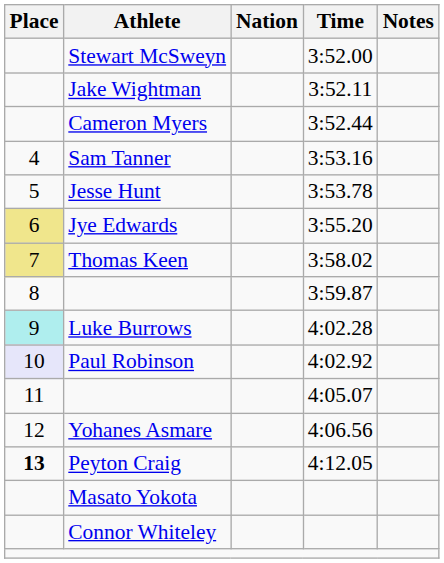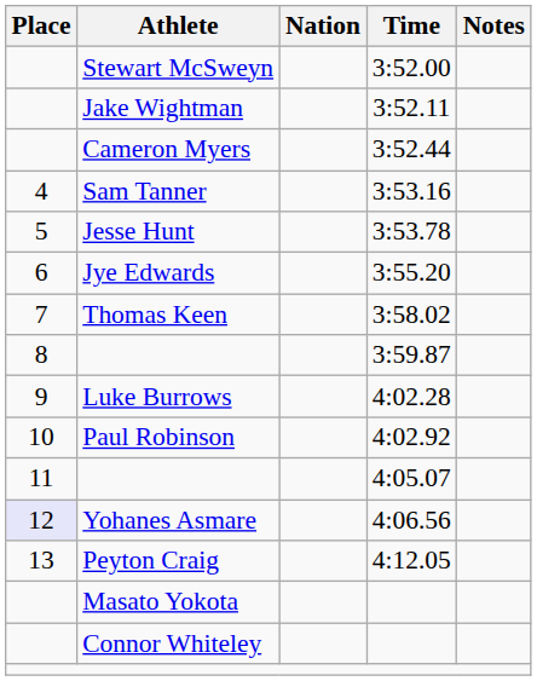 <table class="wikitable mw-datatable sortable" style="text-align:center;">
 <tr>
 <th scope="col">Place</th>
 <th scope="col">Athlete</th>
 <th scope="col">Nation</th>
 <th scope="col">Time</th>
 <th scope="col">Notes</th>
 </tr>
 <tr>
 <td></td>
 <td align="left"><a href='#'>Stewart McSweyn</a></td>
 <td align="left"></td>
 <td>3:52.00</td>
 <td></td>
 </tr>
 <tr>
 <td></td>
 <td align="left"><a href='#'>Jake Wightman</a></td>
 <td align="left"></td>
 <td>3:52.11</td>
 <td></td>
 </tr>
 <tr>
 <td></td>
 <td align="left"><a href='#'>Cameron Myers</a></td>
 <td align="left"></td>
 <td>3:52.44</td>
 <td></td>
 </tr>
 <tr>
 <td>4</td>
 <td align="left"><a href='#'>Sam Tanner</a></td>
 <td align="left"></td>
 <td>3:53.16</td>
 <td></td>
 </tr>
 <tr>
 <td>5</td>
 <td align="left"><a href='#'>Jesse Hunt</a></td>
 <td align="left"></td>
 <td>3:53.78</td>
 <td></td>
 </tr>
 <tr>
-<td style="background: khaki;">6</td>
+<td>6</td>
 <td align="left"><a href='#'>Jye Edwards</a></td>
 <td align="left"></td>
 <td>3:55.20</td>
 <td></td>
 </tr>
 <tr>
-<td style="background: khaki;">7</td>
+<td>7</td>
 <td align="left"><a href='#'>Thomas Keen</a></td>
 <td align="left"></td>
 <td>3:58.02</td>
 <td></td>
 </tr>
 <tr>
 <td>8</td>
 <td align="left"></td>
 <td align="left"></td>
 <td>3:59.87</td>
 <td></td>
 </tr>
 <tr>
-<td style="background: paleturquoise;">9</td>
+<td>9</td>
 <td align="left"><a href='#'>Luke Burrows</a></td>
 <td align="left"></td>
 <td>4:02.28</td>
 <td></td>
 </tr>
 <tr>
-<td style="background: lavender;">10</td>
+<td>10</td>
 <td align="left"><a href='#'>Paul Robinson</a></td>
 <td align="left"></td>
 <td>4:02.92</td>
 <td></td>
 </tr>
 <tr>
 <td>11</td>
 <td align="left"></td>
 <td align="left"></td>
 <td>4:05.07</td>
 <td></td>
 </tr>
 <tr>
-<td>12</td>
+<td style="background: lavender;">12</td>
 <td align="left"><a href='#'>Yohanes Asmare</a></td>
 <td align="left"></td>
 <td>4:06.56</td>
 <td></td>
 </tr>
 <tr>
-<td><strong>13</strong></td>
+<td>13</td>
 <td align="left"><a href='#'>Peyton Craig</a></td>
 <td align="left"></td>
 <td>4:12.05</td>
 <td></td>
 </tr>
 <tr>
 <td></td>
 <td align="left"><a href='#'>Masato Yokota</a></td>
 <td align="left"></td>
 <td></td>
 <td></td>
 </tr>
 <tr>
 <td></td>
 <td align="left"><a href='#'>Connor Whiteley</a></td>
 <td align="left"></td>
 <td></td>
 <td></td>
 </tr>
 <tr class="sortbottom">
 <td colspan="5"></td>
 </tr>
 </table>
